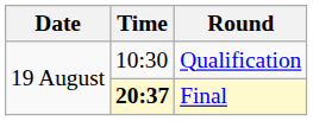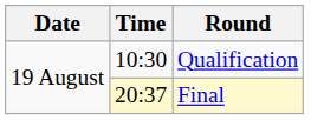 <table class="wikitable">
 <tr>
 <th>Date</th>
 <th>Time</th>
 <th>Round</th>
 </tr>
 <tr>
 <td rowspan=2>19 August</td>
 <td>10:30</td>
 <td><a href='#'>Qualification</a></td>
 </tr>
 <tr style=background:lemonchiffon>
-<td><strong>20:37</strong></td>
+<td>20:37</td>
 <td><a href='#'>Final</a></td>
 </tr>
 </table>
